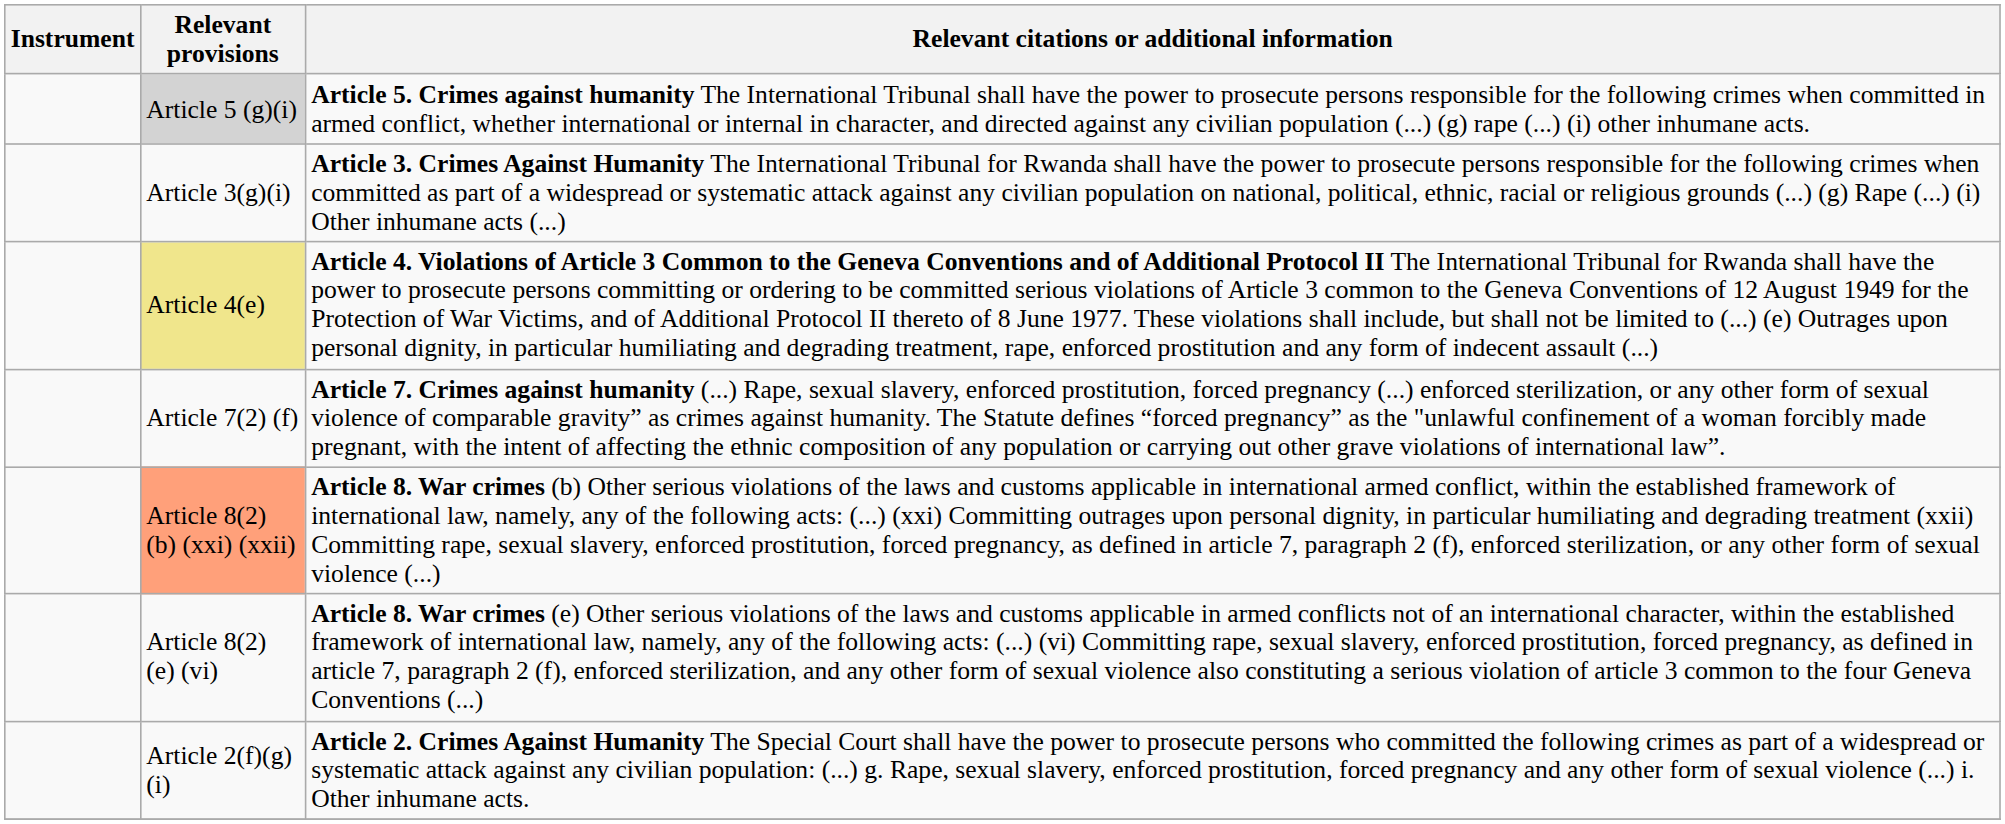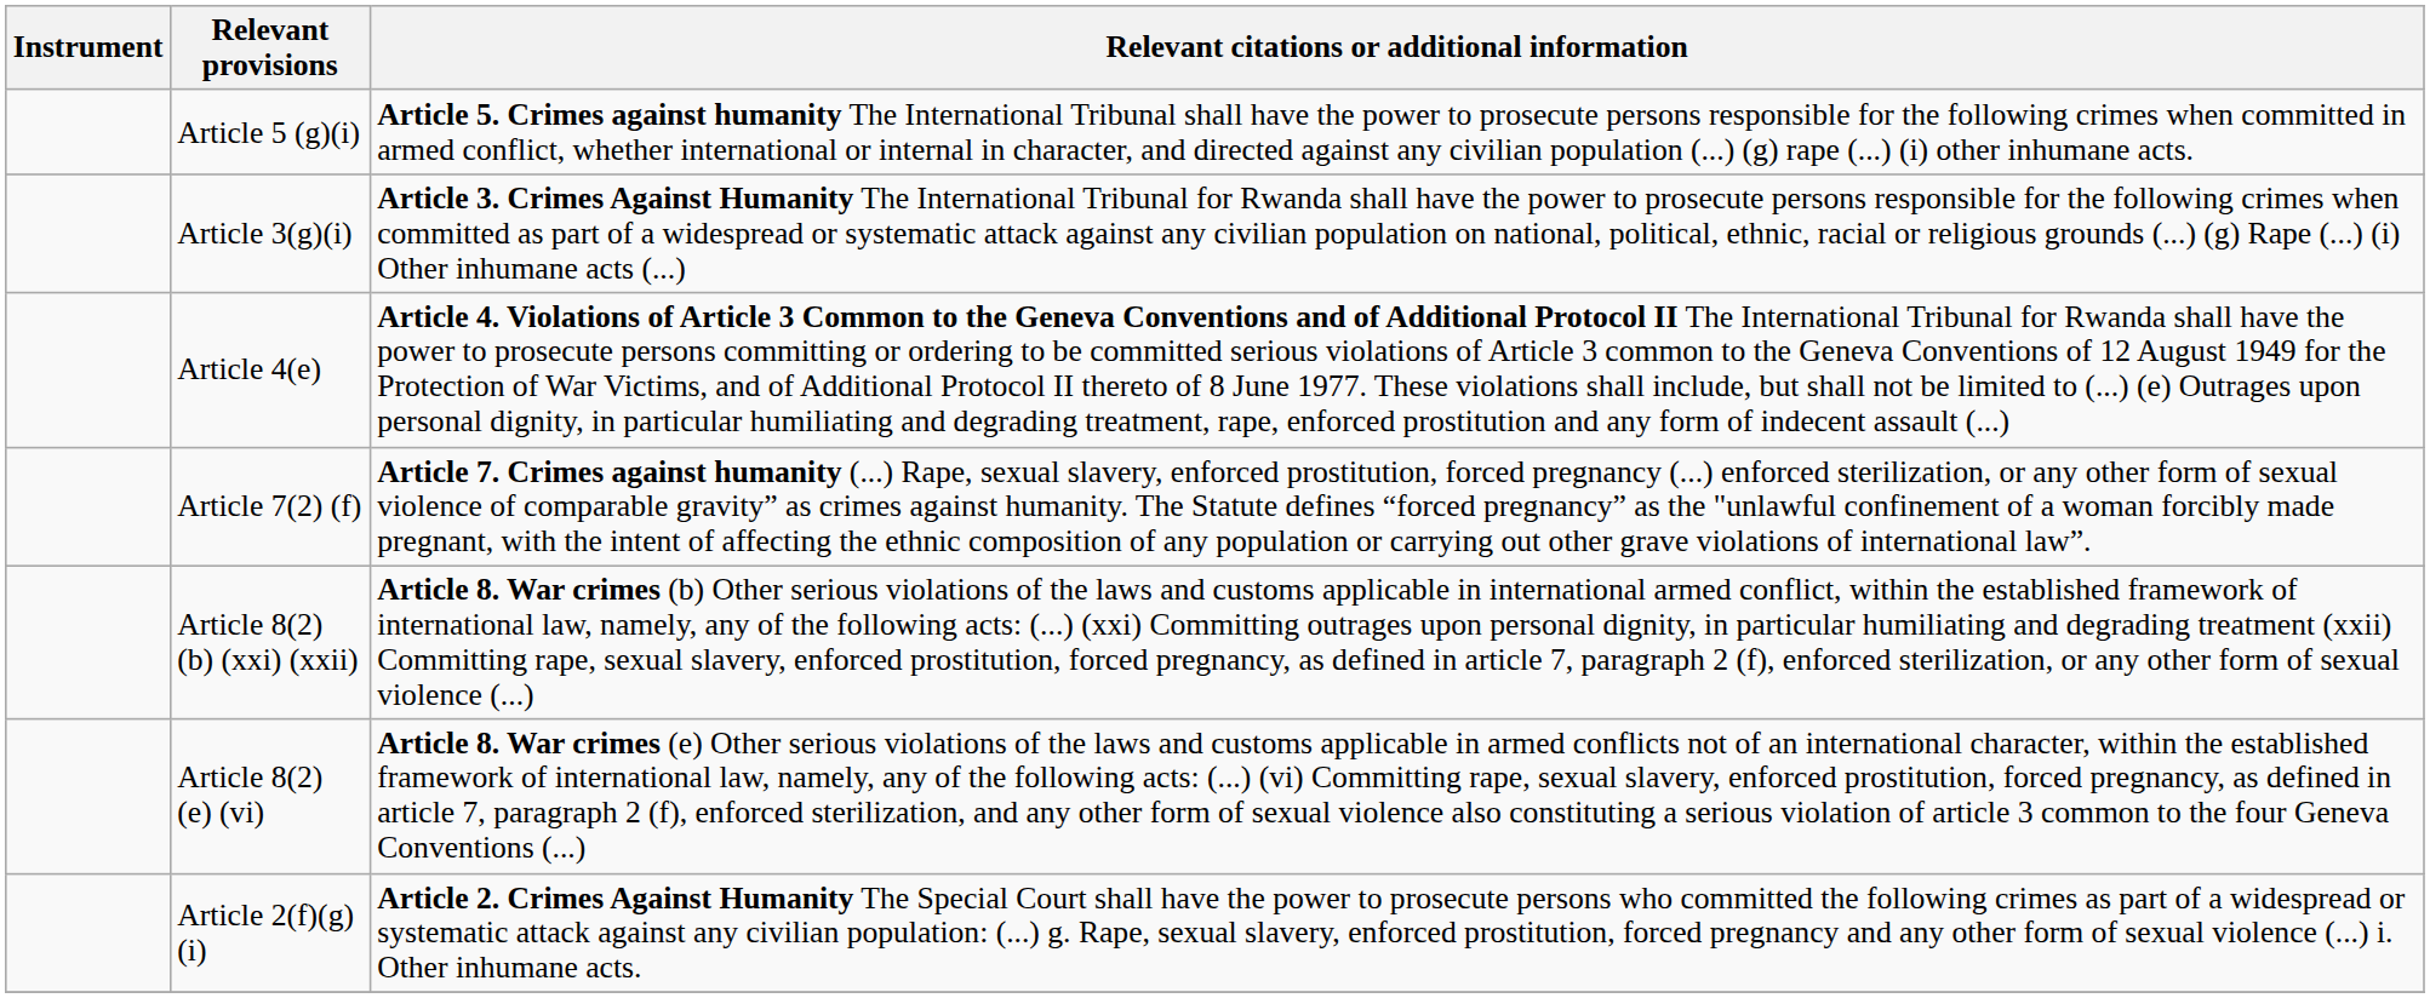 <table class="wikitable">
 <tr>
 <th>Instrument</th>
 <th>Relevant provisions</th>
 <th>Relevant citations or additional information</th>
 </tr>
 <tr>
 <td></td>
-<td style="background: lightgrey;">Article 5 (g)(i)</td>
+<td>Article 5 (g)(i)</td>
 <td><strong>Article 5. Crimes against humanity</strong> The International Tribunal shall have the power to prosecute persons responsible for the following crimes when committed in armed conflict, whether international or internal in character, and directed against any civilian population (...) (g) rape (...) (i) other inhumane acts.</td>
 </tr>
 <tr>
 <td></td>
 <td>Article 3(g)(i)</td>
 <td><strong>Article 3. Crimes Against Humanity</strong> The International Tribunal for Rwanda shall have the power to prosecute persons responsible for the following crimes when committed as part of a widespread or systematic attack against any civilian population on national, political, ethnic, racial or religious grounds (...) (g) Rape (...) (i) Other inhumane acts (...)</td>
 </tr>
 <tr>
 <td></td>
-<td style="background: khaki;">Article 4(e)</td>
+<td>Article 4(e)</td>
 <td><strong>Article 4. Violations of Article 3 Common to the Geneva Conventions and of Additional Protocol II</strong> The International Tribunal for Rwanda shall have the power to prosecute persons committing or ordering to be committed serious violations of Article 3 common to the Geneva Conventions of 12 August 1949 for the Protection of War Victims, and of Additional Protocol II thereto of 8 June 1977. These violations shall include, but shall not be limited to (...) (e) Outrages upon personal dignity, in particular humiliating and degrading treatment, rape, enforced prostitution and any form of indecent assault (...)</td>
 </tr>
 <tr>
 <td> </td>
 <td>Article 7(2) (f)</td>
 <td><strong>Article 7. Crimes against humanity</strong> (...) Rape, sexual slavery, enforced prostitution, forced pregnancy (...) enforced sterilization, or any other form of sexual violence of comparable gravity” as crimes against humanity. The Statute defines “forced pregnancy” as the "unlawful confinement of a woman forcibly made pregnant, with the intent of affecting the ethnic composition of any population or carrying out other grave violations of international law”.</td>
 </tr>
 <tr>
 <td> </td>
-<td style="background: lightsalmon;">Article 8(2) (b) (xxi) (xxii)</td>
+<td>Article 8(2) (b) (xxi) (xxii)</td>
 <td><strong>Article 8. War crimes</strong> (b) Other serious violations of the laws and customs applicable in international armed conflict, within the established framework of international law, namely, any of the following acts: (...) (xxi) Committing outrages upon personal dignity, in particular humiliating and degrading treatment (xxii) Committing rape, sexual slavery, enforced prostitution, forced pregnancy, as defined in article 7, paragraph 2 (f), enforced sterilization, or any other form of sexual violence (...)</td>
 </tr>
 <tr>
 <td> </td>
 <td>Article 8(2) (e) (vi)</td>
 <td><strong>Article 8. War crimes</strong> (e) Other serious violations of the laws and customs applicable in armed conflicts not of an international character, within the established framework of international law, namely, any of the following acts: (...) (vi) Committing rape, sexual slavery, enforced prostitution, forced pregnancy, as defined in article 7, paragraph 2 (f), enforced sterilization, and any other form of sexual violence also constituting a serious violation of article 3 common to the four Geneva Conventions (...)</td>
 </tr>
 <tr>
 <td></td>
 <td>Article 2(f)(g)(i)</td>
 <td><strong>Article 2. Crimes Against Humanity</strong> The Special Court shall have the power to prosecute persons who committed the following crimes as part of a widespread or systematic attack against any civilian population: (...) g. Rape, sexual slavery, enforced prostitution, forced pregnancy and any other form of sexual violence (...) i. Other inhumane acts.</td>
 </tr>
 <tr>
 </tr>
 </table>
